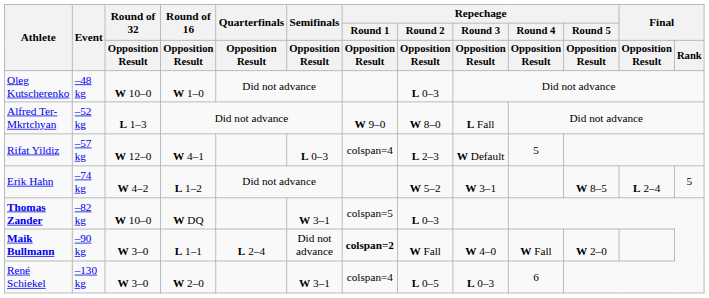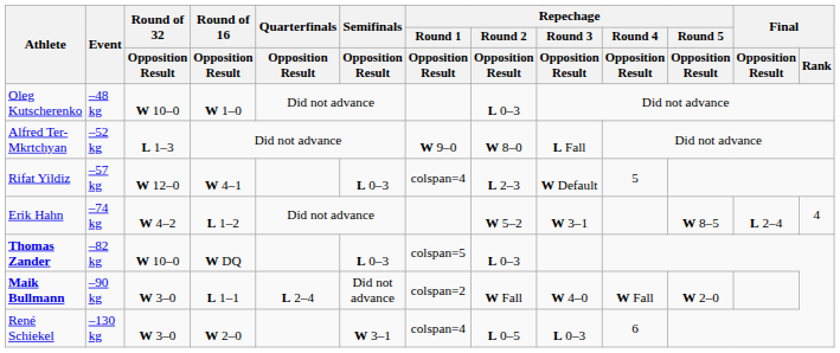 <table class="wikitable" style="font-size:90%">
 <tr>
 <th rowspan="3">Athlete</th>
 <th rowspan="3">Event</th>
 <th rowspan=2>Round of 32</th>
 <th rowspan=2>Round of 16</th>
 <th rowspan=2>Quarterfinals</th>
 <th rowspan=2>Semifinals</th>
 <th colspan=5>Repechage</th>
 <th colspan=2 rowspan=2>Final</th>
 </tr>
 <tr style="font-size:95%">
 <th>Round 1</th>
 <th>Round 2</th>
 <th>Round 3</th>
 <th>Round 4</th>
 <th>Round 5</th>
 </tr>
 <tr style="font-size:95%">
 <th>Opposition<br>Result</th>
 <th>Opposition<br>Result</th>
 <th>Opposition<br>Result</th>
 <th>Opposition<br>Result</th>
 <th>Opposition<br>Result</th>
 <th>Opposition<br>Result</th>
 <th>Opposition<br>Result</th>
 <th>Opposition<br>Result</th>
 <th>Opposition<br>Result</th>
 <th>Opposition<br>Result</th>
 <th>Rank</th>
 </tr>
 <tr align=center>
 <td align=left><a href='#'>Oleg Kutscherenko</a></td>
 <td align=left><a href='#'>–48 kg</a></td>
 <td><br><strong>W</strong> 10–0</td>
 <td><br><strong>W</strong> 1–0</td>
 <td colspan=2>Did not advance</td>
 <td></td>
 <td><br><strong>L</strong> 0–3</td>
 <td colspan=5>Did not advance</td>
 </tr>
 <tr align=center>
 <td align=left><a href='#'>Alfred Ter-Mkrtchyan</a></td>
 <td align=left><a href='#'>–52 kg</a></td>
 <td><br><strong>L</strong> 1–3</td>
 <td colspan=3>Did not advance</td>
 <td><br><strong>W</strong> 9–0</td>
 <td><br><strong>W</strong> 8–0</td>
 <td><br><strong>L</strong> Fall</td>
 <td colspan=4>Did not advance</td>
 </tr>
 <tr align=center>
 <td align=left><a href='#'>Rifat Yildiz</a></td>
 <td align=left><a href='#'>–57 kg</a></td>
 <td><br><strong>W</strong> 12–0</td>
 <td><br><strong>W</strong> 4–1</td>
 <td></td>
 <td><br><strong>L</strong> 0–3</td>
 <td>colspan=4</td>
 <td><br><strong>L</strong> 2–3</td>
 <td><br><strong>W</strong> Default</td>
 <td>5</td>
 </tr>
 <tr align=center>
 <td align=left><a href='#'>Erik Hahn</a></td>
 <td align=left><a href='#'>–74 kg</a></td>
 <td><br><strong>W</strong> 4–2</td>
 <td><br><strong>L</strong> 1–2</td>
 <td colspan=2>Did not advance</td>
 <td></td>
 <td><br><strong>W</strong> 5–2</td>
 <td><br><strong>W</strong> 3–1</td>
 <td></td>
 <td><br><strong>W</strong> 8–5</td>
 <td><br><strong>L</strong> 2–4</td>
-<td>5</td>
+<td>4</td>
 </tr>
 <tr align=center>
 <td align=left><strong><a href='#'>Thomas Zander</a></strong></td>
 <td align=left><a href='#'>–82 kg</a></td>
 <td><br><strong>W</strong> 10–0</td>
 <td><br><strong>W</strong> DQ</td>
 <td></td>
-<td><br><strong>W</strong> 3–1</td>
+<td><br><strong>L</strong> 0–3</td>
 <td>colspan=5</td>
 <td><br><strong>L</strong> 0–3</td>
 <td></td>
 </tr>
 <tr align=center>
 <td align=left><strong><a href='#'>Maik Bullmann</a></strong></td>
 <td align=left><a href='#'>–90 kg</a></td>
 <td><br><strong>W</strong> 3–0</td>
 <td><br><strong>L</strong> 1–1</td>
 <td><br><strong>L</strong> 2–4</td>
 <td>Did not advance</td>
-<td><strong>colspan=2</strong></td>
+<td>colspan=2</td>
 <td><br><strong>W</strong> Fall</td>
 <td><br><strong>W</strong> 4–0</td>
 <td><br><strong>W</strong> Fall</td>
 <td><br><strong>W</strong> 2–0</td>
 <td></td>
 </tr>
 <tr align=center>
 <td align=left><a href='#'>René Schiekel</a></td>
 <td align=left><a href='#'>–130 kg</a></td>
 <td><br><strong>W</strong> 3–0</td>
 <td><br><strong>W</strong> 2–0</td>
 <td></td>
 <td><br><strong>W</strong> 3–1</td>
 <td>colspan=4</td>
 <td><br><strong>L</strong> 0–5</td>
 <td><br><strong>L</strong> 0–3</td>
 <td>6</td>
 </tr>
 </table>
